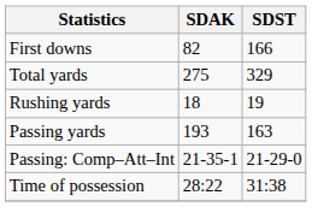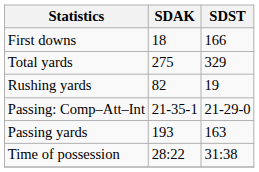 <table class="wikitable" style="float: left;">
 <tr>
 <th>Statistics</th>
 <th>SDAK</th>
 <th>SDST</th>
 </tr>
 <tr>
 <td>First downs</td>
-<td>82</td>
+<td>18</td>
 <td>166</td>
 </tr>
 <tr>
 <td>Total yards</td>
 <td>275</td>
 <td>329</td>
 </tr>
 <tr>
 <td>Rushing yards</td>
-<td>18</td>
+<td>82</td>
 <td>19</td>
+</tr>
+<tr>
+<td>Passing: Comp–Att–Int</td>
+<td>21-35-1</td>
+<td>21-29-0</td>
 </tr>
 <tr>
 <td>Passing yards</td>
 <td>193</td>
 <td>163</td>
-</tr>
-<tr>
-<td>Passing: Comp–Att–Int</td>
-<td>21-35-1</td>
-<td>21-29-0</td>
 </tr>
 <tr>
 <td>Time of possession</td>
 <td>28:22</td>
 <td>31:38</td>
 </tr>
 <tr>
 </tr>
 </table>
